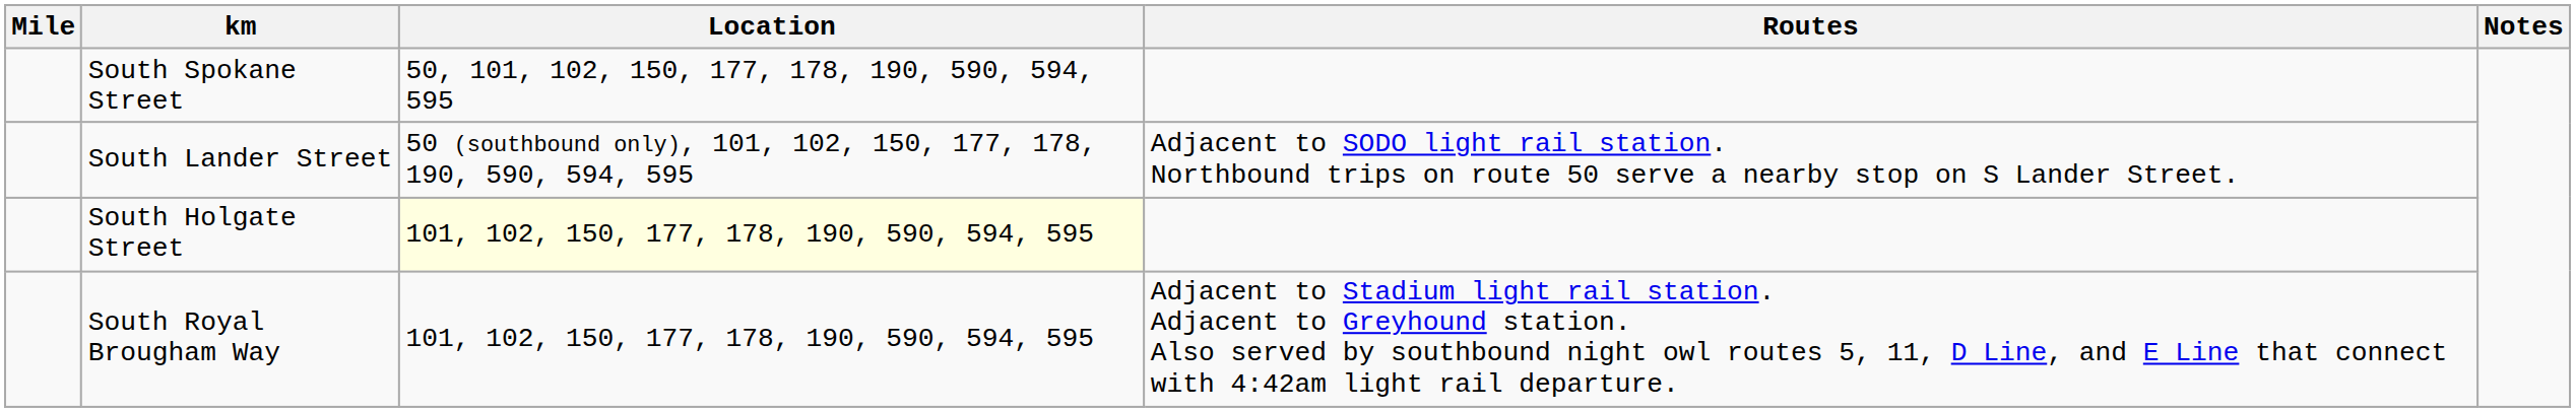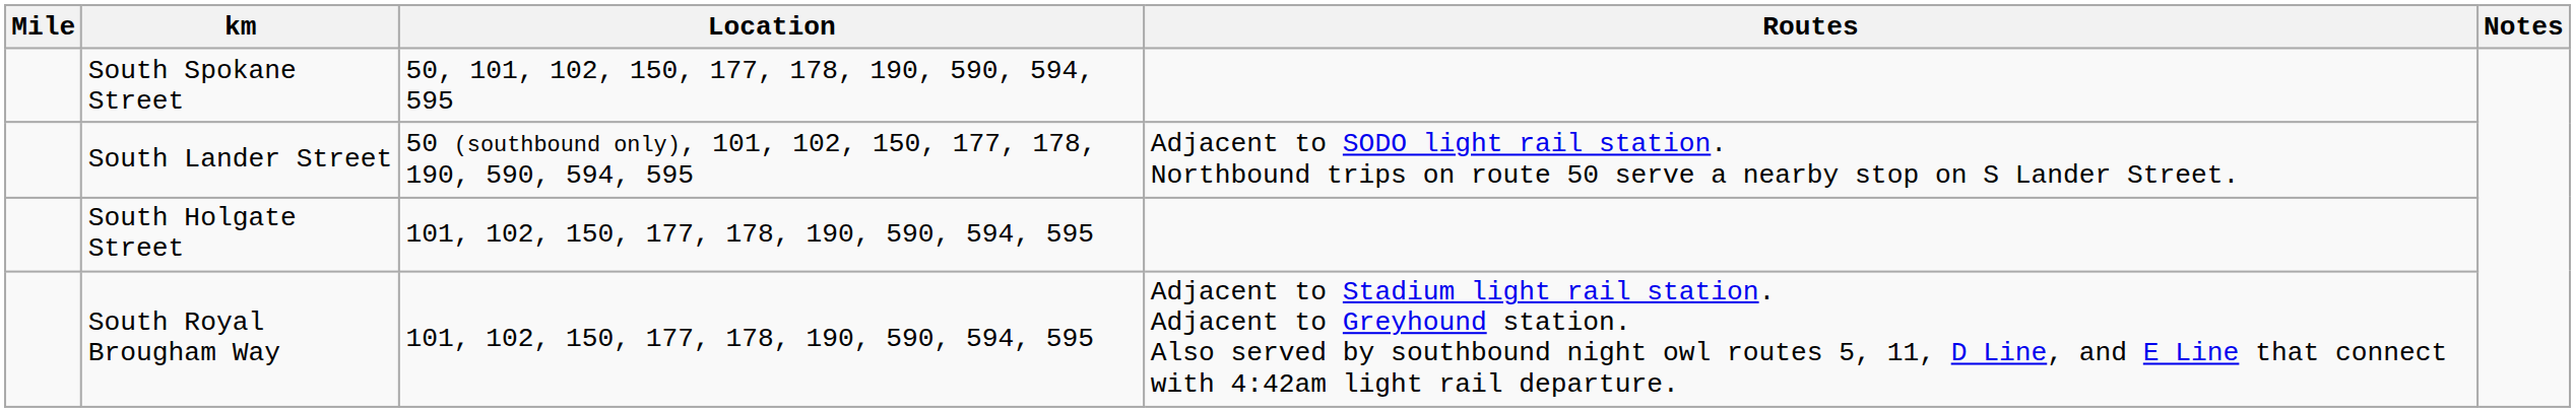 <table class="wikitable">
 <tr>
 <th>Mile</th>
 <th>km</th>
 <th>Location</th>
 <th>Routes</th>
 <th>Notes</th>
 </tr>
 <tr>
 <td></td>
 <td>South Spokane Street</td>
 <td>50, 101, 102, 150, 177, 178, 190, 590, 594, 595</td>
 <td></td>
 </tr>
 <tr>
 <td></td>
 <td>South Lander Street</td>
 <td>50 <small>(southbound only)</small>, 101, 102, 150, 177, 178, 190, 590, 594, 595</td>
 <td>Adjacent to <a href='#'>SODO light rail station</a>.<br>Northbound trips on route 50 serve a nearby stop on S Lander Street.</td>
 </tr>
 <tr>
 <td></td>
 <td>South Holgate Street</td>
-<td style="background: lightyellow;">101, 102, 150, 177, 178, 190, 590, 594, 595</td>
+<td>101, 102, 150, 177, 178, 190, 590, 594, 595</td>
 <td></td>
 </tr>
 <tr>
 <td></td>
 <td>South Royal Brougham Way</td>
 <td>101, 102, 150, 177, 178, 190, 590, 594, 595</td>
 <td>Adjacent to <a href='#'>Stadium light rail station</a>.<br>Adjacent to <a href='#'>Greyhound</a> station.<br>Also served by southbound night owl routes 5, 11, <a href='#'>D Line</a>, and <a href='#'>E Line</a> that connect with 4:42am light rail departure.</td>
 </tr>
 </table>
